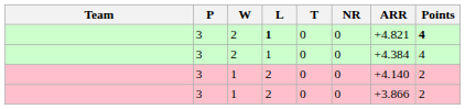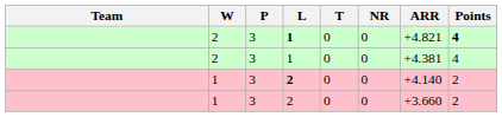 <table class="wikitable">
 <tr>
 <th width=38%>Team</th>
+<th width=7%>W</th>
 <th width=7%>P</th>
-<th width=7%>W</th>
 <th width=7%>L</th>
 <th width=7%>T</th>
 <th width=8%>NR</th>
 <th width=9%>ARR</th>
 <th width=9%>Points</th>
 </tr>
 <tr bgcolor=ccffcc>
 <td align=left></td>
+<td>2</td>
 <td>3</td>
-<td>2</td>
 <td><strong>1</strong></td>
 <td>0</td>
 <td>0</td>
 <td>+4.821</td>
 <td><strong>4</strong></td>
 </tr>
 <tr bgcolor=ccffcc>
 <td align=left></td>
+<td>2</td>
 <td>3</td>
-<td>2</td>
 <td>1</td>
 <td>0</td>
 <td>0</td>
-<td>+4.384</td>
+<td>+4.381</td>
 <td>4</td>
 </tr>
 <tr bgcolor=pink>
 <td align=left></td>
+<td>1</td>
 <td>3</td>
-<td>1</td>
-<td>2</td>
+<td><strong>2</strong></td>
 <td>0</td>
 <td>0</td>
 <td>+4.140</td>
 <td>2</td>
 </tr>
 <tr bgcolor=pink>
 <td align=left></td>
+<td>1</td>
 <td>3</td>
-<td>1</td>
 <td>2</td>
 <td>0</td>
 <td>0</td>
-<td>+3.866</td>
+<td>+3.660</td>
 <td>2</td>
 </tr>
 </table>
